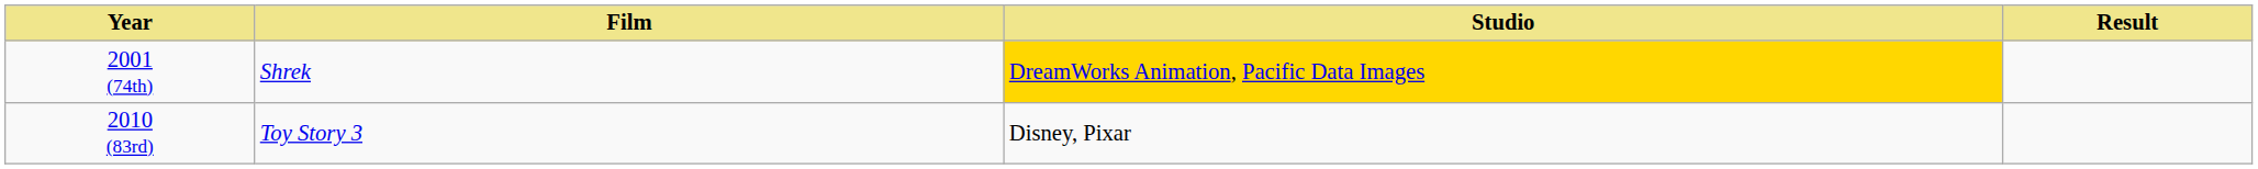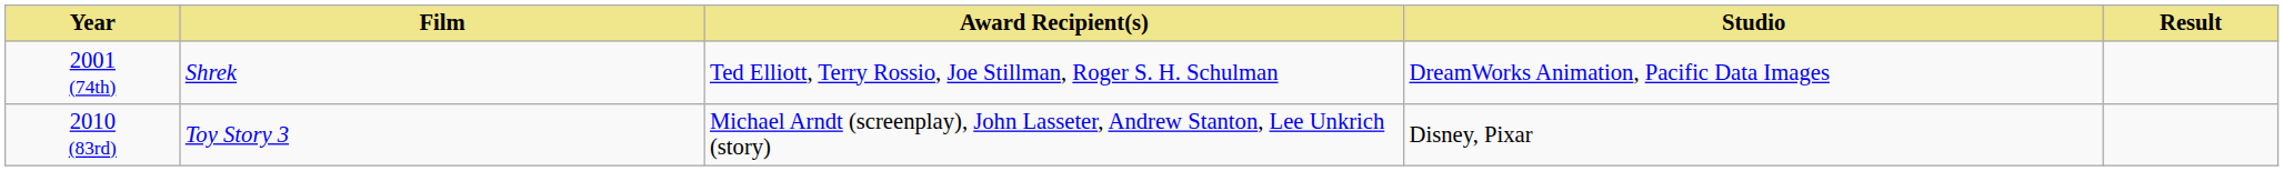 <table class="wikitable" width="80%">
 <tr>
 <th width="5%" style="background:#F0E68C">Year</th>
 <th width="15%" style="background:#F0E68C">Film</th>
+<th width="20%" style="background:#F0E68C">Award Recipient(s)</th>
 <th width="20%" style="background:#F0E68C">Studio</th>
 <th width="5%" style="background:#F0E68C">Result</th>
 </tr>
 <tr>
 <td align="center"><a href='#'>2001</a><br><small><a href='#'>(74th)</a></small></td>
 <td><em><a href='#'>Shrek</a></em></td>
-<td style="background: gold;"><a href='#'>DreamWorks Animation</a>, <a href='#'>Pacific Data Images</a></td>
+<td><a href='#'>Ted Elliott</a>, <a href='#'>Terry Rossio</a>, <a href='#'>Joe Stillman</a>, <a href='#'>Roger S. H. Schulman</a></td>
+<td><a href='#'>DreamWorks Animation</a>, <a href='#'>Pacific Data Images</a></td>
 <td></td>
 </tr>
 <tr>
 <td align="center"><a href='#'>2010</a><br><small><a href='#'>(83rd)</a></small></td>
 <td><em><a href='#'>Toy Story 3</a></em></td>
+<td><a href='#'>Michael Arndt</a> (screenplay), <a href='#'>John Lasseter</a>, <a href='#'>Andrew Stanton</a>, <a href='#'>Lee Unkrich</a> (story)</td>
 <td>Disney, Pixar</td>
 <td></td>
 </tr>
 </table>
